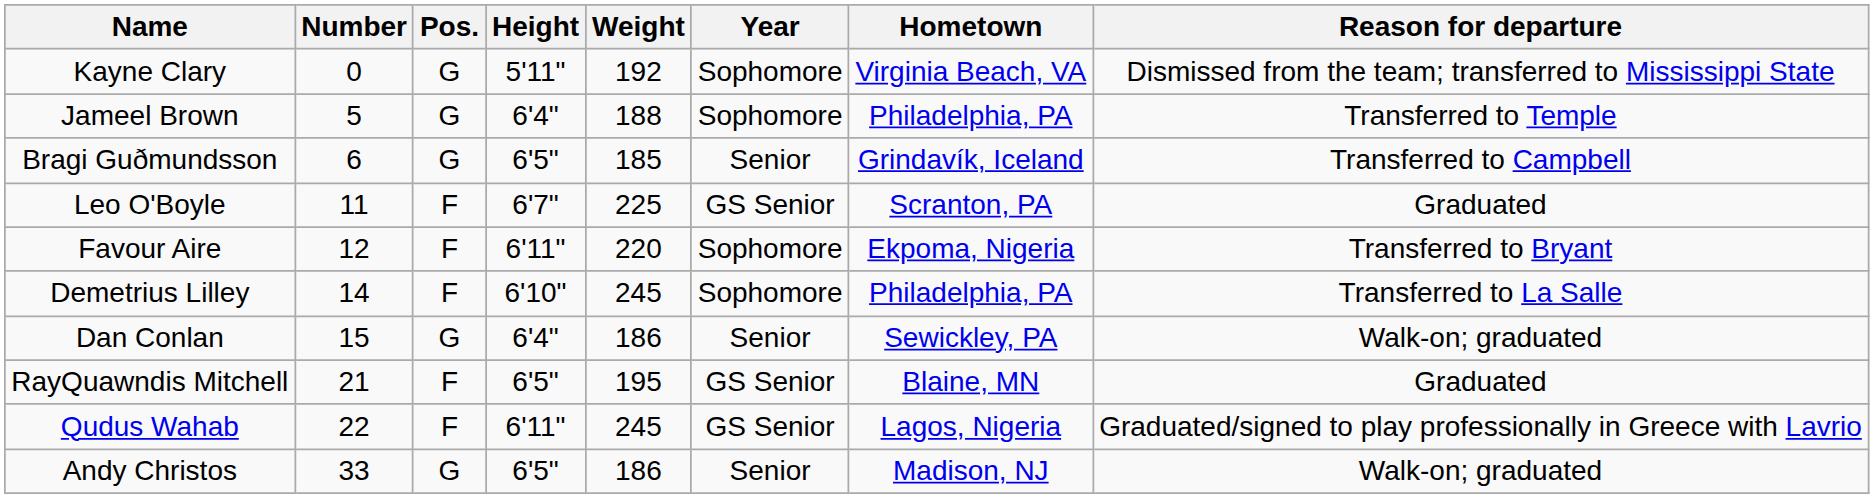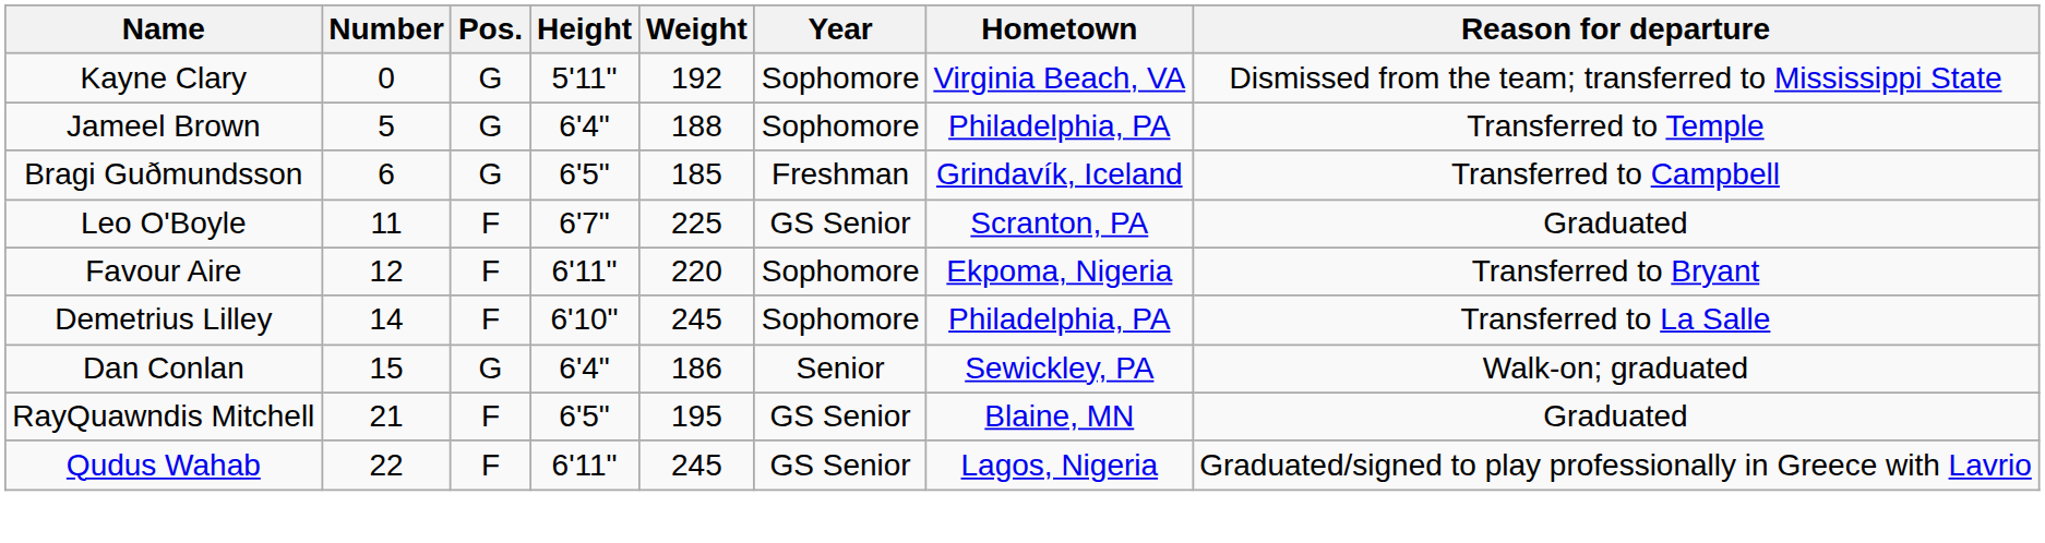 <table class="wikitable sortable sortable" style="text-align:center">
 <tr align=center>
 <th>Name</th>
 <th>Number</th>
 <th>Pos.</th>
 <th>Height</th>
 <th>Weight</th>
 <th>Year</th>
 <th>Hometown</th>
 <th class="unsortable">Reason for departure</th>
 </tr>
 <tr>
 <td>Kayne Clary</td>
 <td>0</td>
 <td>G</td>
 <td>5'11"</td>
 <td>192</td>
 <td>Sophomore</td>
 <td><a href='#'>Virginia Beach, VA</a></td>
 <td>Dismissed from the team; transferred to <a href='#'>Mississippi State</a></td>
 </tr>
 <tr>
 <td>Jameel Brown</td>
 <td>5</td>
 <td>G</td>
 <td>6'4"</td>
 <td>188</td>
 <td>Sophomore</td>
 <td><a href='#'>Philadelphia, PA</a></td>
 <td>Transferred to <a href='#'>Temple</a></td>
 </tr>
 <tr>
 <td>Bragi Guðmundsson</td>
 <td>6</td>
 <td>G</td>
 <td>6'5"</td>
 <td>185</td>
-<td>Senior</td>
+<td>Freshman</td>
 <td><a href='#'>Grindavík, Iceland</a></td>
 <td>Transferred to <a href='#'>Campbell</a></td>
 </tr>
 <tr>
 <td>Leo O'Boyle</td>
 <td>11</td>
 <td>F</td>
 <td>6'7"</td>
 <td>225</td>
 <td>GS Senior</td>
 <td><a href='#'>Scranton, PA</a></td>
 <td>Graduated</td>
 </tr>
 <tr>
 <td>Favour Aire</td>
 <td>12</td>
 <td>F</td>
 <td>6'11"</td>
 <td>220</td>
 <td>Sophomore</td>
 <td><a href='#'>Ekpoma, Nigeria</a></td>
 <td>Transferred to <a href='#'>Bryant</a></td>
 </tr>
 <tr>
 <td>Demetrius Lilley</td>
 <td>14</td>
 <td>F</td>
 <td>6'10"</td>
 <td>245</td>
 <td>Sophomore</td>
 <td><a href='#'>Philadelphia, PA</a></td>
 <td>Transferred to <a href='#'>La Salle</a></td>
 </tr>
 <tr>
 <td>Dan Conlan</td>
 <td>15</td>
 <td>G</td>
 <td>6'4"</td>
 <td>186</td>
 <td>Senior</td>
 <td><a href='#'>Sewickley, PA</a></td>
 <td>Walk-on; graduated</td>
 </tr>
 <tr>
 <td>RayQuawndis Mitchell</td>
 <td>21</td>
 <td>F</td>
 <td>6'5"</td>
 <td>195</td>
 <td>GS Senior</td>
 <td><a href='#'>Blaine, MN</a></td>
 <td>Graduated</td>
 </tr>
 <tr>
 <td><a href='#'>Qudus Wahab</a></td>
 <td>22</td>
 <td>F</td>
 <td>6'11"</td>
 <td>245</td>
 <td>GS Senior</td>
 <td><a href='#'>Lagos, Nigeria</a></td>
 <td>Graduated/signed to play professionally in Greece with <a href='#'>Lavrio</a></td>
 </tr>
-<tr>
-<td>Andy Christos</td>
-<td>33</td>
-<td>G</td>
-<td>6'5"</td>
-<td>186</td>
-<td>Senior</td>
-<td><a href='#'>Madison, NJ</a></td>
-<td>Walk-on; graduated</td>
-</tr>
 </table>
